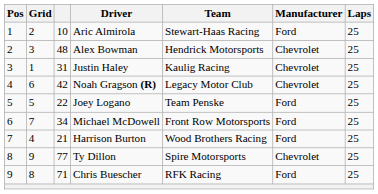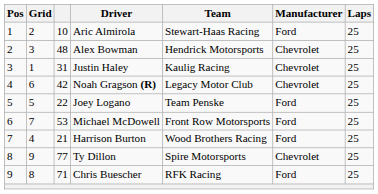 <table class="wikitable" style="font-size:98%">
 <tr>
 <th>Pos</th>
 <th>Grid</th>
 <th></th>
 <th>Driver</th>
 <th>Team</th>
 <th>Manufacturer</th>
 <th>Laps</th>
 </tr>
 <tr>
 <td>1</td>
 <td>2</td>
 <td>10</td>
 <td>Aric Almirola</td>
 <td>Stewart-Haas Racing</td>
 <td>Ford</td>
 <td>25</td>
 </tr>
 <tr>
 <td>2</td>
 <td>3</td>
 <td>48</td>
 <td>Alex Bowman</td>
 <td>Hendrick Motorsports</td>
 <td>Chevrolet</td>
 <td>25</td>
 </tr>
 <tr>
 <td>3</td>
 <td>1</td>
 <td>31</td>
 <td>Justin Haley</td>
 <td>Kaulig Racing</td>
 <td>Chevrolet</td>
 <td>25</td>
 </tr>
 <tr>
 <td>4</td>
 <td>6</td>
 <td>42</td>
 <td>Noah Gragson <strong>(R)</strong></td>
 <td>Legacy Motor Club</td>
 <td>Chevrolet</td>
 <td>25</td>
 </tr>
 <tr>
 <td>5</td>
 <td>5</td>
 <td>22</td>
 <td>Joey Logano</td>
 <td>Team Penske</td>
 <td>Ford</td>
 <td>25</td>
 </tr>
 <tr>
 <td>6</td>
 <td>7</td>
-<td>34</td>
+<td>53</td>
 <td>Michael McDowell</td>
 <td>Front Row Motorsports</td>
 <td>Ford</td>
 <td>25</td>
 </tr>
 <tr>
 <td>7</td>
 <td>4</td>
 <td>21</td>
 <td>Harrison Burton</td>
 <td>Wood Brothers Racing</td>
 <td>Ford</td>
 <td>25</td>
 </tr>
 <tr>
 <td>8</td>
 <td>9</td>
 <td>77</td>
 <td>Ty Dillon</td>
 <td>Spire Motorsports</td>
 <td>Chevrolet</td>
 <td>25</td>
 </tr>
 <tr>
 <td>9</td>
 <td>8</td>
 <td>71</td>
 <td>Chris Buescher</td>
 <td>RFK Racing</td>
 <td>Ford</td>
 <td>25</td>
 </tr>
 <tr>
 <th colspan="7"></th>
 </tr>
 </table>
